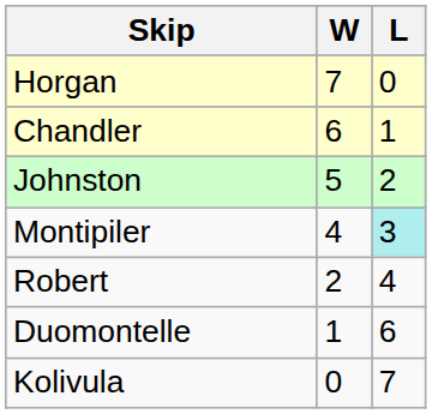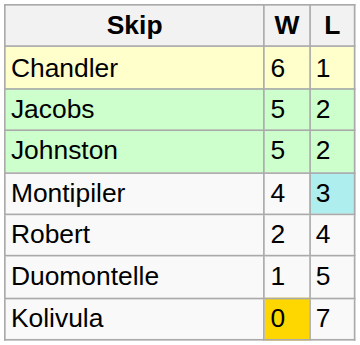 <table class=wikitable>
 <tr>
 <th width=150>Skip</th>
 <th width=20>W</th>
 <th width=20>L</th>
 </tr>
 <tr style="background:#ffffcc;">
-<td>Horgan</td>
-<td>7</td>
-<td>0</td>
-</tr>
-<tr style="background:#ffffcc;">
 <td>Chandler</td>
 <td>6</td>
 <td>1</td>
+</tr>
+<tr style="background:#ccffcc;">
+<td>Jacobs</td>
+<td>5</td>
+<td>2</td>
 </tr>
 <tr style="background:#ccffcc;">
 <td>Johnston</td>
 <td>5</td>
 <td>2</td>
 </tr>
 <tr>
 <td>Montipiler</td>
 <td>4</td>
 <td style="background: paleturquoise;">3</td>
 </tr>
 <tr>
 <td>Robert</td>
 <td>2</td>
 <td>4</td>
 </tr>
 <tr>
 <td>Duomontelle</td>
 <td>1</td>
-<td>6</td>
+<td>5</td>
 </tr>
 <tr>
 <td>Kolivula</td>
-<td>0</td>
+<td style="background: gold;">0</td>
 <td>7</td>
 </tr>
 </table>
